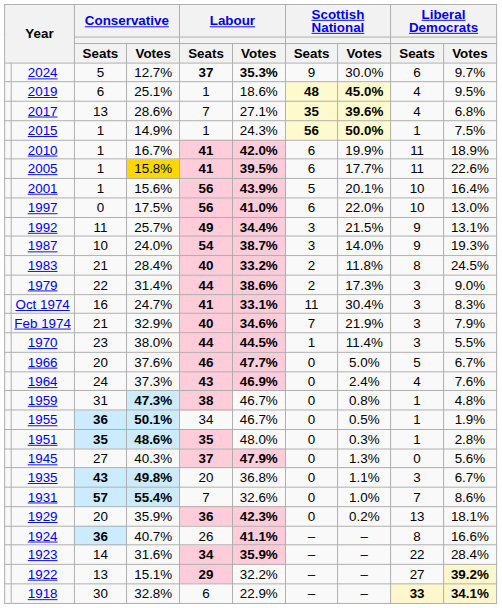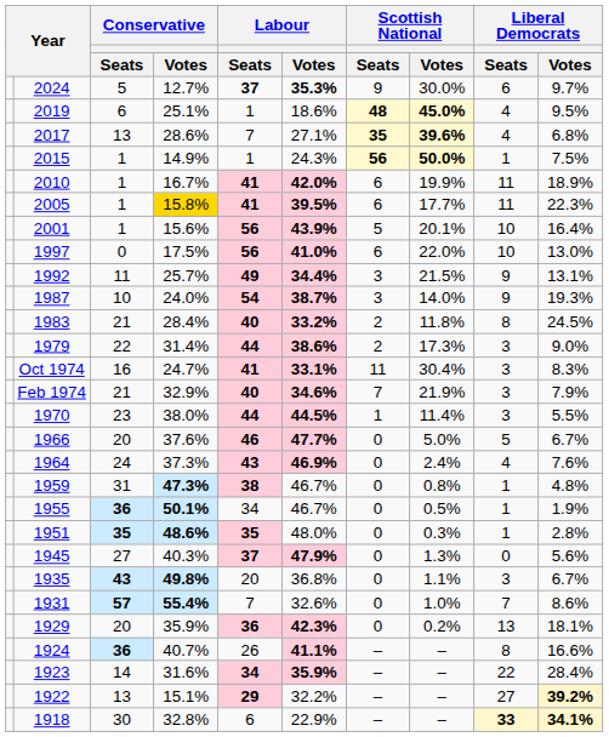 <table class="wikitable sortable mw-datatable" style="text-align:center;font-size:90%;line-height:14px;float:right;">
 <tr>
 <th colspan="2" rowspan="3" class="unsortable">Year</th>
 <th colspan="2"><a href='#'>Conservative</a></th>
 <th colspan="2"><a href='#'>Labour</a></th>
 <th colspan="2"><a href='#'>Scottish National</a></th>
 <th colspan="2"><a href='#'>Liberal Democrats</a></th>
 </tr>
 <tr>
 <th colspan="2" class="unsortable" style="background:"></th>
 <th colspan="2" class="unsortable" style="background:"></th>
 <th colspan="2" class="unsortable" style="background:"></th>
 <th colspan="2" class="unsortable" style="background:"></th>
 </tr>
 <tr>
 <th data-sort-type="number" style="width:50px;">Seats</th>
 <th data-sort-type="number" style="width:50px;">Votes</th>
 <th data-sort-type="number" style="width:50px;">Seats</th>
 <th data-sort-type="number" style="width:50px;">Votes</th>
 <th data-sort-type="number" style="width:50px;">Seats</th>
 <th data-sort-type="number" style="width:50px;">Votes</th>
 <th data-sort-type="number" style="width:50px;">Seats</th>
 <th data-sort-type="number" style="width:50px;">Votes</th>
 </tr>
 <tr>
 <td style="background:"></td>
 <td><a href='#'>2024</a></td>
 <td>5</td>
 <td>12.7%</td>
 <td><strong>37</strong></td>
 <td><strong>35.3%</strong></td>
 <td>9</td>
 <td>30.0%</td>
 <td>6</td>
 <td>9.7%</td>
 </tr>
 <tr>
 <td style="background:"></td>
 <td><a href='#'>2019</a></td>
 <td>6</td>
 <td>25.1%</td>
 <td>1</td>
 <td>18.6%</td>
 <td style="background:#FEFACD;"><strong>48</strong></td>
 <td style="background:#FEFACD;"><strong>45.0%</strong></td>
 <td>4</td>
 <td>9.5%</td>
 </tr>
 <tr>
 <td style="background:"></td>
 <td><a href='#'>2017</a></td>
 <td>13</td>
 <td>28.6%</td>
 <td>7</td>
 <td>27.1%</td>
 <td style="background:#FEFACD;"><strong>35</strong></td>
 <td style="background:#FEFACD;"><strong>39.6%</strong></td>
 <td>4</td>
 <td>6.8%</td>
 </tr>
 <tr>
 <td style="background:"></td>
 <td><a href='#'>2015</a></td>
 <td>1</td>
 <td>14.9%</td>
 <td>1</td>
 <td>24.3%</td>
 <td style="background:#FEFACD;"><strong>56</strong></td>
 <td style="background:#FEFACD;"><strong>50.0%</strong></td>
 <td>1</td>
 <td>7.5%</td>
 </tr>
 <tr>
 <td style="background:"></td>
 <td><a href='#'>2010</a></td>
 <td>1</td>
 <td>16.7%</td>
 <td style="background:#FFCCDA;"><strong>41</strong></td>
 <td style="background:#FFCCDA;"><strong>42.0%</strong></td>
 <td>6</td>
 <td>19.9%</td>
 <td>11</td>
 <td>18.9%</td>
 </tr>
 <tr>
 <td style="background:"></td>
 <td><a href='#'>2005</a></td>
 <td>1</td>
 <td style="background: gold;">15.8%</td>
 <td style="background:#FFCCDA;"><strong>41</strong></td>
 <td style="background:#FFCCDA;"><strong>39.5%</strong></td>
 <td>6</td>
 <td>17.7%</td>
 <td>11</td>
-<td>22.6%</td>
+<td>22.3%</td>
 </tr>
 <tr>
 <td style="background:"></td>
 <td><a href='#'>2001</a></td>
 <td>1</td>
 <td>15.6%</td>
 <td style="background:#FFCCDA;"><strong>56</strong></td>
 <td style="background:#FFCCDA;"><strong>43.9%</strong></td>
 <td>5</td>
 <td>20.1%</td>
 <td>10</td>
 <td>16.4%</td>
 </tr>
 <tr>
 <td style="background:"></td>
 <td><a href='#'>1997</a></td>
 <td>0</td>
 <td>17.5%</td>
 <td style="background:#FFCCDA;"><strong>56</strong></td>
 <td style="background:#FFCCDA;"><strong>41.0%</strong></td>
 <td>6</td>
 <td>22.0%</td>
 <td>10</td>
 <td>13.0%</td>
 </tr>
 <tr>
 <td style="background:"></td>
 <td><a href='#'>1992</a></td>
 <td>11</td>
 <td>25.7%</td>
 <td style="background:#FFCCDA;"><strong>49</strong></td>
 <td style="background:#FFCCDA;"><strong>34.4%</strong></td>
 <td>3</td>
 <td>21.5%</td>
 <td>9</td>
 <td>13.1%</td>
 </tr>
 <tr>
 <td style="background:"></td>
 <td><a href='#'>1987</a></td>
 <td>10</td>
 <td>24.0%</td>
 <td style="background:#FFCCDA;"><strong>54</strong></td>
 <td style="background:#FFCCDA;"><strong>38.7%</strong></td>
 <td>3</td>
 <td>14.0%</td>
 <td>9</td>
 <td>19.3%</td>
 </tr>
 <tr>
 <td style="background:"></td>
 <td><a href='#'>1983</a></td>
 <td>21</td>
 <td>28.4%</td>
 <td style="background:#FFCCDA;"><strong>40</strong></td>
 <td style="background:#FFCCDA;"><strong>33.2%</strong></td>
 <td>2</td>
 <td>11.8%</td>
 <td>8</td>
 <td>24.5%</td>
 </tr>
 <tr>
 <td style="background:"></td>
 <td><a href='#'>1979</a></td>
 <td>22</td>
 <td>31.4%</td>
 <td style="background:#FFCCDA;"><strong>44</strong></td>
 <td style="background:#FFCCDA;"><strong>38.6%</strong></td>
 <td>2</td>
 <td>17.3%</td>
 <td>3</td>
 <td>9.0%</td>
 </tr>
 <tr>
 <td style="background:"></td>
 <td><a href='#'>Oct 1974</a></td>
 <td>16</td>
 <td>24.7%</td>
 <td style="background:#FFCCDA;"><strong>41</strong></td>
 <td style="background:#FFCCDA;"><strong>33.1%</strong></td>
 <td>11</td>
 <td>30.4%</td>
 <td>3</td>
 <td>8.3%</td>
 </tr>
 <tr>
 <td style="background:"></td>
 <td><a href='#'>Feb 1974</a></td>
 <td>21</td>
 <td>32.9%</td>
 <td style="background:#FFCCDA;"><strong>40</strong></td>
 <td style="background:#FFCCDA;"><strong>34.6%</strong></td>
 <td>7</td>
 <td>21.9%</td>
 <td>3</td>
 <td>7.9%</td>
 </tr>
 <tr>
 <td style="background:"></td>
 <td><a href='#'>1970</a></td>
 <td>23</td>
 <td>38.0%</td>
 <td style="background:#FFCCDA;"><strong>44</strong></td>
 <td style="background:#FFCCDA;"><strong>44.5%</strong></td>
 <td>1</td>
 <td>11.4%</td>
 <td>3</td>
 <td>5.5%</td>
 </tr>
 <tr>
 <td style="background:"></td>
 <td><a href='#'>1966</a></td>
 <td>20</td>
 <td>37.6%</td>
 <td style="background:#FFCCDA;"><strong>46</strong></td>
 <td style="background:#FFCCDA;"><strong>47.7%</strong></td>
 <td>0</td>
 <td>5.0%</td>
 <td>5</td>
 <td>6.7%</td>
 </tr>
 <tr>
 <td style="background:"></td>
 <td><a href='#'>1964</a></td>
 <td>24</td>
 <td>37.3%</td>
 <td style="background:#FFCCDA;"><strong>43</strong></td>
 <td style="background:#FFCCDA;"><strong>46.9%</strong></td>
 <td>0</td>
 <td>2.4%</td>
 <td>4</td>
 <td>7.6%</td>
 </tr>
 <tr>
 <td style="background:"></td>
 <td><a href='#'>1959</a></td>
 <td>31</td>
 <td style="background:#CCEBFF;"><strong>47.3%</strong></td>
 <td style="background:#FFCCDA;"><strong>38</strong></td>
 <td>46.7%</td>
 <td>0</td>
 <td>0.8%</td>
 <td>1</td>
 <td>4.8%</td>
 </tr>
 <tr>
 <td style="background:"></td>
 <td><a href='#'>1955</a></td>
 <td style="background:#CCEBFF;"><strong>36</strong></td>
 <td style="background:#CCEBFF;"><strong>50.1%</strong></td>
 <td>34</td>
 <td>46.7%</td>
 <td>0</td>
 <td>0.5%</td>
 <td>1</td>
 <td>1.9%</td>
 </tr>
 <tr>
 <td style="background:"></td>
 <td><a href='#'>1951</a></td>
 <td style="background:#CCEBFF;"><strong>35</strong></td>
 <td style="background:#CCEBFF;"><strong>48.6%</strong></td>
 <td style="background:#FFCCDA;"><strong>35</strong></td>
 <td>48.0%</td>
 <td>0</td>
 <td>0.3%</td>
 <td>1</td>
 <td>2.8%</td>
 </tr>
 <tr>
 <td style="background:"></td>
 <td><a href='#'>1945</a></td>
 <td>27</td>
 <td>40.3%</td>
 <td style="background:#FFCCDA;"><strong>37</strong></td>
 <td style="background:#FFCCDA;"><strong>47.9%</strong></td>
 <td>0</td>
 <td>1.3%</td>
 <td>0</td>
 <td>5.6%</td>
 </tr>
 <tr>
 <td style="background:"></td>
 <td><a href='#'>1935</a></td>
 <td style="background:#CCEBFF;"><strong>43</strong></td>
 <td style="background:#CCEBFF;"><strong>49.8%</strong></td>
 <td>20</td>
 <td>36.8%</td>
 <td>0</td>
 <td>1.1%</td>
 <td>3</td>
 <td>6.7%</td>
 </tr>
 <tr>
 <td style="background:"></td>
 <td><a href='#'>1931</a></td>
 <td style="background:#CCEBFF;"><strong>57</strong></td>
 <td style="background:#CCEBFF;"><strong>55.4%</strong></td>
 <td>7</td>
 <td>32.6%</td>
 <td>0</td>
 <td>1.0%</td>
 <td>7</td>
 <td>8.6%</td>
 </tr>
 <tr>
 <td style="background:"></td>
 <td><a href='#'>1929</a></td>
 <td>20</td>
 <td>35.9%</td>
 <td style="background:#FFCCDA;"><strong>36</strong></td>
 <td style="background:#FFCCDA;"><strong>42.3%</strong></td>
 <td>0</td>
 <td>0.2%</td>
 <td>13</td>
 <td>18.1%</td>
 </tr>
 <tr>
 <td style="background:"></td>
 <td><a href='#'>1924</a></td>
 <td style="background:#CCEBFF;"><strong>36</strong></td>
 <td>40.7%</td>
 <td>26</td>
 <td style="background:#FFCCDA;"><strong>41.1%</strong></td>
 <td>–</td>
 <td>–</td>
 <td>8</td>
 <td>16.6%</td>
 </tr>
 <tr>
 <td style="background:"></td>
 <td><a href='#'>1923</a></td>
 <td>14</td>
 <td>31.6%</td>
 <td style="background:#FFCCDA;"><strong>34</strong></td>
 <td style="background:#FFCCDA;"><strong>35.9%</strong></td>
 <td>–</td>
 <td>–</td>
 <td>22</td>
 <td>28.4%</td>
 </tr>
 <tr>
 <td style="background:"></td>
 <td><a href='#'>1922</a></td>
 <td>13</td>
 <td>15.1%</td>
 <td style="background:#FFCCDA;"><strong>29</strong></td>
 <td>32.2%</td>
 <td>–</td>
 <td>–</td>
 <td>27</td>
 <td style="background:#FFF7CC;"><strong>39.2%</strong></td>
 </tr>
 <tr>
 <td style="background:"></td>
 <td><a href='#'>1918</a></td>
 <td>30</td>
 <td>32.8%</td>
 <td>6</td>
 <td>22.9%</td>
 <td>–</td>
 <td>–</td>
 <td style="background:#FFF7CC;"><strong>33</strong></td>
 <td style="background:#FFF7CC;"><strong>34.1%</strong></td>
 </tr>
 </table>
